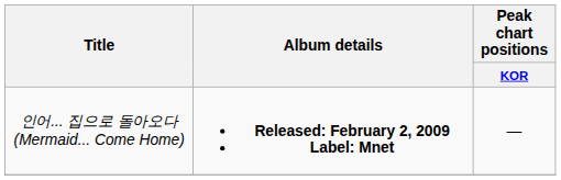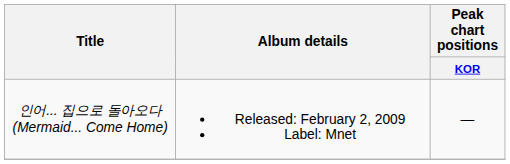 <table class="wikitable plainrowheaders" style="text-align:center;">
 <tr>
 <th scope="col" rowspan="2" style="width:12em;">Title</th>
 <th scope="col" rowspan="2" style="width:18em;">Album details</th>
 <th scope="col" colspan="1" style="width:5em;">Peak chart <br> positions</th>
 </tr>
 <tr>
 <th><small><a href='#'>KOR</a></small><br></th>
 </tr>
 <tr>
 <td><em>인어... 집으로 돌아오다 (Mermaid... Come Home)</em></td>
-<td><strong><br><ul><li>Released: February 2, 2009</li><li>Label: Mnet</li></ul></strong></td>
+<td><br><ul><li>Released: February 2, 2009</li><li>Label: Mnet</li></ul></td>
 <td>—</td>
 </tr>
 <tr>
 </tr>
 </table>
